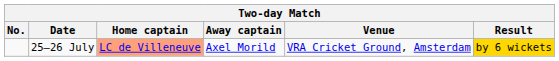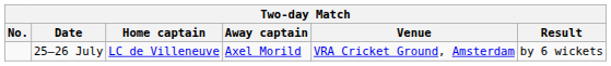 <table class="wikitable">
 <tr>
 <th colspan="9">Two-day Match</th>
 </tr>
 <tr>
 <th>No.</th>
 <th>Date</th>
 <th>Home captain</th>
 <th>Away captain</th>
 <th>Venue</th>
 <th>Result</th>
 </tr>
 <tr>
 <td></td>
 <td>25–26 July</td>
-<td style="background: lightsalmon;"><a href='#'>LC de Villeneuve</a></td>
+<td><a href='#'>LC de Villeneuve</a></td>
 <td><a href='#'>Axel Morild</a></td>
 <td><a href='#'>VRA Cricket Ground</a>, <a href='#'>Amsterdam</a></td>
-<td style="background: gold;"> by 6 wickets</td>
+<td> by 6 wickets</td>
 </tr>
 </table>
